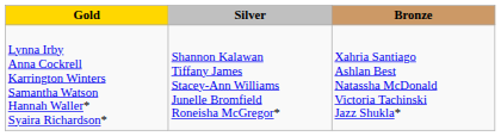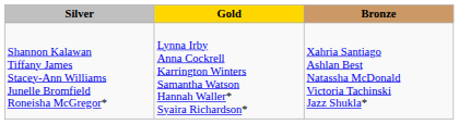 <table class="wikitable" style="text-align:left">
 <tr align="center">
+<td width=200 bgcolor=silver><strong>Silver</strong></td>
 <td width=200 bgcolor=gold><strong>Gold</strong></td>
-<td width=200 bgcolor=silver><strong>Silver</strong></td>
 <td width=200 bgcolor=CC9966><strong>Bronze</strong></td>
 </tr>
 <tr>
+<td><em></em><br><a href='#'>Shannon Kalawan</a><br><a href='#'>Tiffany James</a><br><a href='#'>Stacey-Ann Williams</a><br><a href='#'>Junelle Bromfield</a><br><a href='#'>Roneisha McGregor</a>*</td>
 <td><em></em><br><a href='#'>Lynna Irby</a><br><a href='#'>Anna Cockrell</a><br><a href='#'>Karrington Winters</a><br><a href='#'>Samantha Watson</a><br><a href='#'>Hannah Waller</a>*<br><a href='#'>Syaira Richardson</a>*</td>
-<td><em></em><br><a href='#'>Shannon Kalawan</a><br><a href='#'>Tiffany James</a><br><a href='#'>Stacey-Ann Williams</a><br><a href='#'>Junelle Bromfield</a><br><a href='#'>Roneisha McGregor</a>*</td>
 <td><em></em><br><a href='#'>Xahria Santiago</a><br><a href='#'>Ashlan Best</a><br><a href='#'>Natassha McDonald</a><br><a href='#'>Victoria Tachinski</a><br><a href='#'>Jazz Shukla</a>*</td>
 </tr>
 </table>
